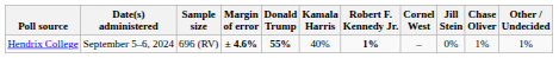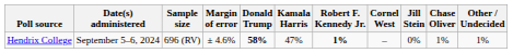 <table class="wikitable sortable mw-datatable" style="font-size:90%;text-align:center;line-height:17px">
 <tr valign=bottom>
 <th>Poll source</th>
 <th>Date(s)<br>administered</th>
 <th>Sample<br>size</th>
 <th>Margin<br>of error</th>
 <th class="unsortable">Donald <br>Trump<br></th>
 <th class="unsortable">Kamala<br>Harris<br></th>
 <th class="unsortable">Robert F.<br>Kennedy Jr.<br></th>
 <th class="unsortable">Cornel<br>West<br></th>
 <th class="unsortable">Jill<br>Stein<br></th>
 <th class="unsortable">Chase<br>Oliver<br></th>
 <th class="unsortable">Other /<br>Undecided</th>
 </tr>
 <tr>
 <td style="text-align:left;"><a href='#'>Hendrix College</a></td>
 <td data-sort-value="2024-09-06">September 5–6, 2024</td>
 <td>696 (RV)</td>
-<td><strong>± 4.6%</strong></td>
-<td style="background-color:"><strong>55%</strong></td>
-<td>40%</td>
+<td>± 4.6%</td>
+<td style="background-color:"><strong>58%</strong></td>
+<td>47%</td>
 <td><strong>1%</strong></td>
 <td>–</td>
 <td>0%</td>
 <td>1%</td>
 <td>1%</td>
 </tr>
 </table>
